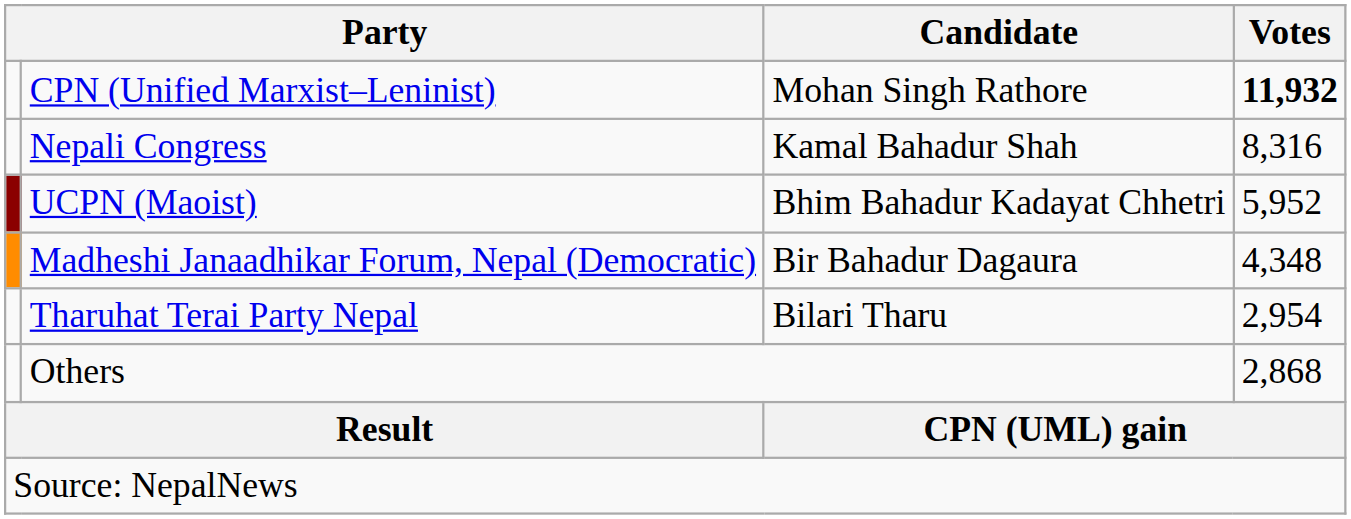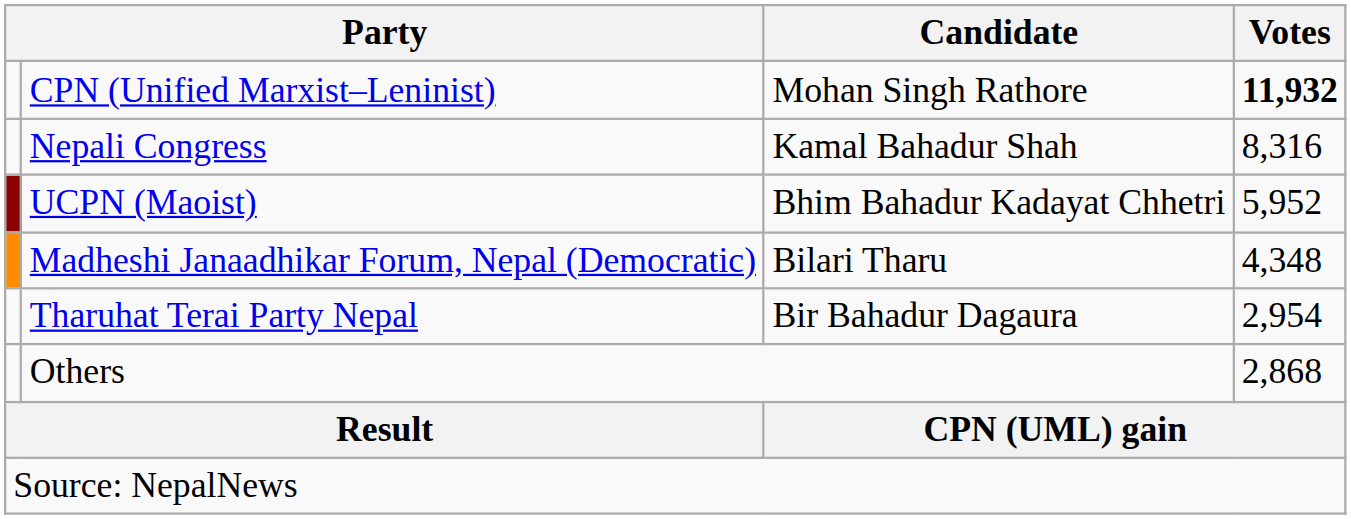 <table class="wikitable">
 <tr>
 <th colspan="2">Party</th>
 <th>Candidate</th>
 <th>Votes</th>
 </tr>
 <tr>
 <td style="background-color:"></td>
 <td><a href='#'>CPN (Unified Marxist–Leninist)</a></td>
 <td>Mohan Singh Rathore</td>
 <td><strong>11,932</strong></td>
 </tr>
 <tr>
 <td style="background-color:"></td>
 <td><a href='#'>Nepali Congress</a></td>
 <td>Kamal Bahadur Shah</td>
 <td>8,316</td>
 </tr>
 <tr>
 <td style="background-color:darkred"></td>
 <td><a href='#'>UCPN (Maoist)</a></td>
 <td>Bhim Bahadur Kadayat Chhetri</td>
 <td>5,952</td>
 </tr>
 <tr>
 <td style="background-color:darkorange"></td>
 <td><a href='#'>Madheshi Janaadhikar Forum, Nepal (Democratic)</a></td>
-<td>Bir Bahadur Dagaura</td>
+<td>Bilari Tharu</td>
 <td>4,348</td>
 </tr>
 <tr>
 <td></td>
 <td><a href='#'>Tharuhat Terai Party Nepal</a></td>
-<td>Bilari Tharu</td>
+<td>Bir Bahadur Dagaura</td>
 <td>2,954</td>
 </tr>
 <tr>
 <td></td>
 <td colspan="2">Others</td>
 <td>2,868</td>
 </tr>
 <tr>
 <th colspan="2">Result</th>
 <th colspan="2">CPN (UML) gain</th>
 </tr>
 <tr>
 <td colspan="4">Source: NepalNews</td>
 </tr>
 </table>
